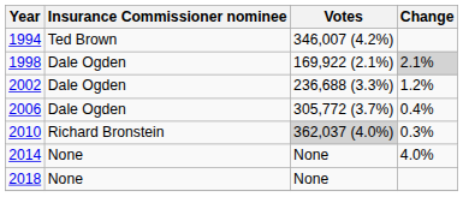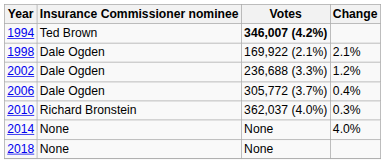 <table class="wikitable">
 <tr>
 <th>Year</th>
 <th>Insurance Commissioner nominee</th>
 <th>Votes</th>
 <th>Change</th>
 </tr>
 <tr>
 <td><a href='#'>1994</a></td>
 <td>Ted Brown</td>
-<td>346,007 (4.2%)</td>
+<td><strong>346,007 (4.2%)</strong></td>
 <td></td>
 </tr>
 <tr>
 <td><a href='#'>1998</a></td>
 <td>Dale Ogden</td>
 <td>169,922 (2.1%)</td>
-<td style="background: lightgrey;"> 2.1%</td>
+<td> 2.1%</td>
 </tr>
 <tr>
 <td><a href='#'>2002</a></td>
 <td>Dale Ogden</td>
 <td>236,688 (3.3%)</td>
 <td> 1.2%</td>
 </tr>
 <tr>
 <td><a href='#'>2006</a></td>
 <td>Dale Ogden</td>
 <td>305,772 (3.7%)</td>
 <td> 0.4%</td>
 </tr>
 <tr>
 <td><a href='#'>2010</a></td>
 <td>Richard Bronstein</td>
-<td style="background: lightgrey;">362,037 (4.0%)</td>
+<td>362,037 (4.0%)</td>
 <td> 0.3%</td>
 </tr>
 <tr>
 <td><a href='#'>2014</a></td>
 <td>None</td>
 <td>None</td>
 <td> 4.0%</td>
 </tr>
 <tr>
 <td><a href='#'>2018</a></td>
 <td>None</td>
 <td>None</td>
 <td></td>
 </tr>
 <tr>
 </tr>
 </table>
